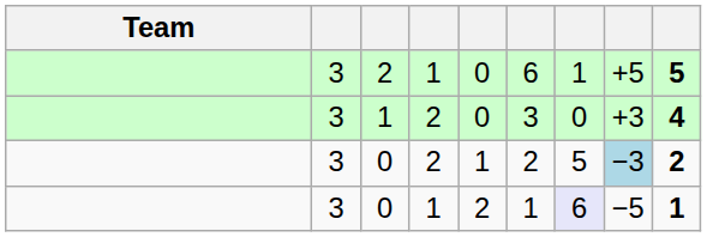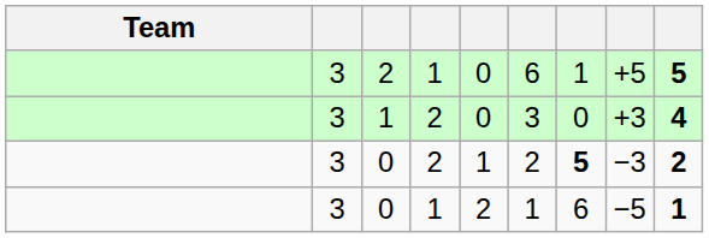 <table class="wikitable" style="text-align:center;">
 <tr>
 <th width=165>Team</th>
 <th width=20></th>
 <th width=20></th>
 <th width=20></th>
 <th width=20></th>
 <th width=20></th>
 <th width=20></th>
 <th width=20></th>
 <th width=20></th>
 </tr>
 <tr style="background:#cfc;">
 <td align="left"></td>
 <td>3</td>
 <td>2</td>
 <td>1</td>
 <td>0</td>
 <td>6</td>
 <td>1</td>
 <td>+5</td>
 <td><strong>5</strong></td>
 </tr>
 <tr style="background:#cfc;">
 <td align="left"></td>
 <td>3</td>
 <td>1</td>
 <td>2</td>
 <td>0</td>
 <td>3</td>
 <td>0</td>
 <td>+3</td>
 <td><strong>4</strong></td>
 </tr>
 <tr>
 <td align="left"></td>
 <td>3</td>
 <td>0</td>
 <td>2</td>
 <td>1</td>
 <td>2</td>
-<td>5</td>
-<td style="background: lightblue;">−3</td>
+<td><strong>5</strong></td>
+<td>−3</td>
 <td><strong>2</strong></td>
 </tr>
 <tr>
 <td align="left"></td>
 <td>3</td>
 <td>0</td>
 <td>1</td>
 <td>2</td>
 <td>1</td>
-<td style="background: lavender;">6</td>
+<td>6</td>
 <td>−5</td>
 <td><strong>1</strong></td>
 </tr>
 </table>
